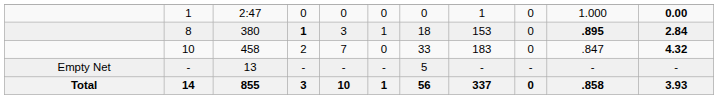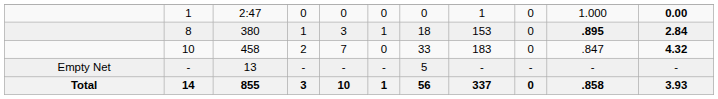 <table class="wikitable sortable" width ="1000">
 <tr align="center">
 </tr>
 <tr align="center" bgcolor="">
 <td></td>
 <td>1</td>
 <td>2:47</td>
 <td>0</td>
 <td>0</td>
 <td>0</td>
 <td>0</td>
 <td>1</td>
 <td>0</td>
 <td>1.000</td>
 <td><strong>0.00</strong></td>
 </tr>
 <tr align="center" bgcolor="f0f0f0">
 <td></td>
 <td>8</td>
 <td>380</td>
-<td><strong>1</strong></td>
+<td>1</td>
 <td>3</td>
 <td>1</td>
 <td>18</td>
 <td>153</td>
 <td>0</td>
 <td><strong>.895</strong></td>
 <td><strong>2.84</strong></td>
 </tr>
 <tr align="center" bgcolor="">
 <td></td>
 <td>10</td>
 <td>458</td>
 <td>2</td>
 <td>7</td>
 <td>0</td>
 <td>33</td>
 <td>183</td>
 <td>0</td>
 <td>.847</td>
 <td><strong>4.32</strong></td>
 </tr>
 <tr align="center" bgcolor="f0f0f0">
 <td>Empty Net</td>
 <td>-</td>
 <td>13</td>
 <td>-</td>
 <td>-</td>
 <td>-</td>
 <td>5</td>
 <td>-</td>
 <td>-</td>
 <td>-</td>
 <td>-</td>
 </tr>
 <tr>
 <th>Total</th>
 <th>14</th>
 <th>855</th>
 <th>3</th>
 <th>10</th>
 <th>1</th>
 <th>56</th>
 <th>337</th>
 <th>0</th>
 <th>.858</th>
 <th>3.93</th>
 </tr>
 </table>
